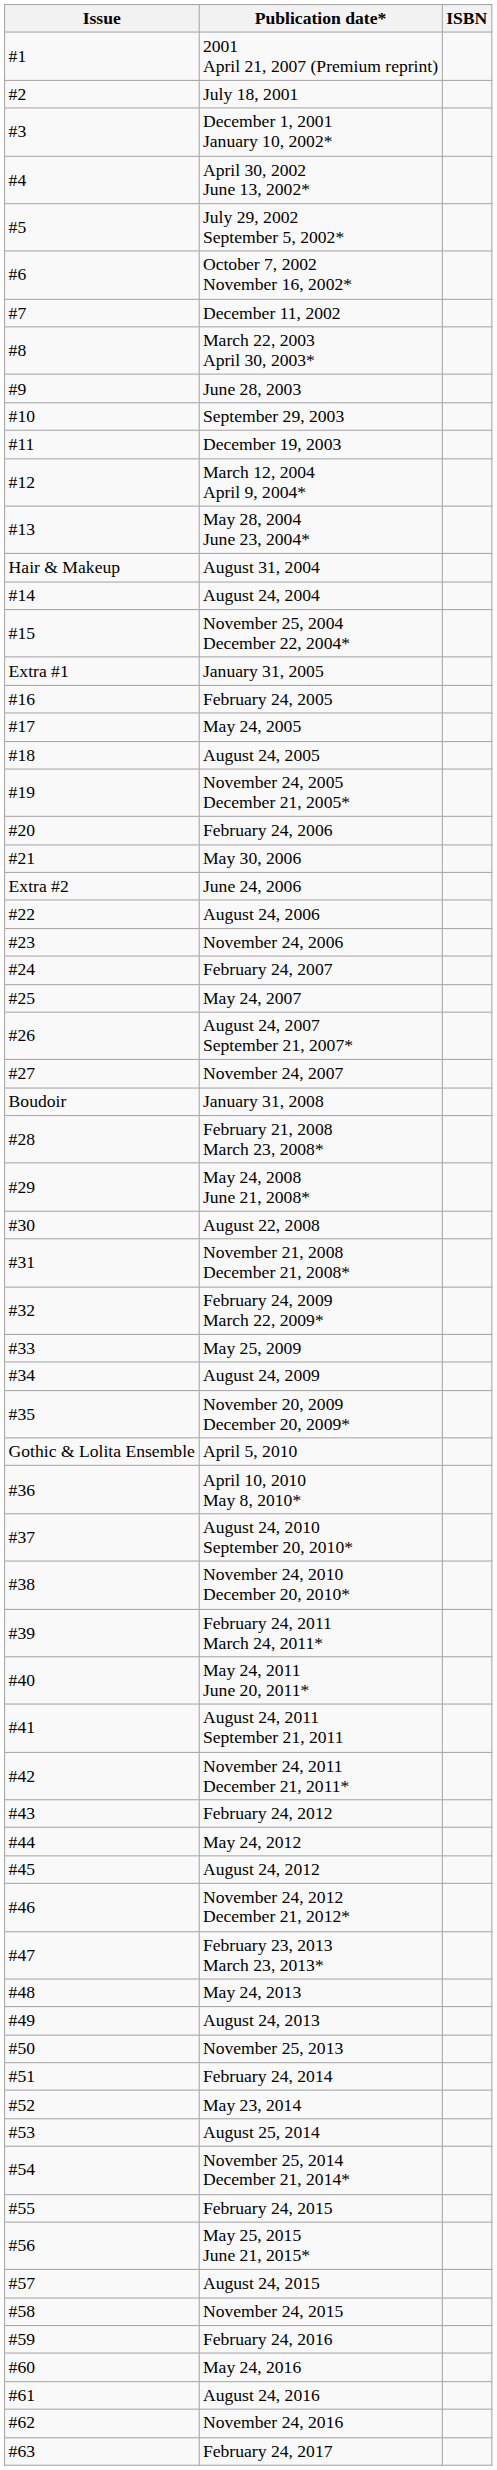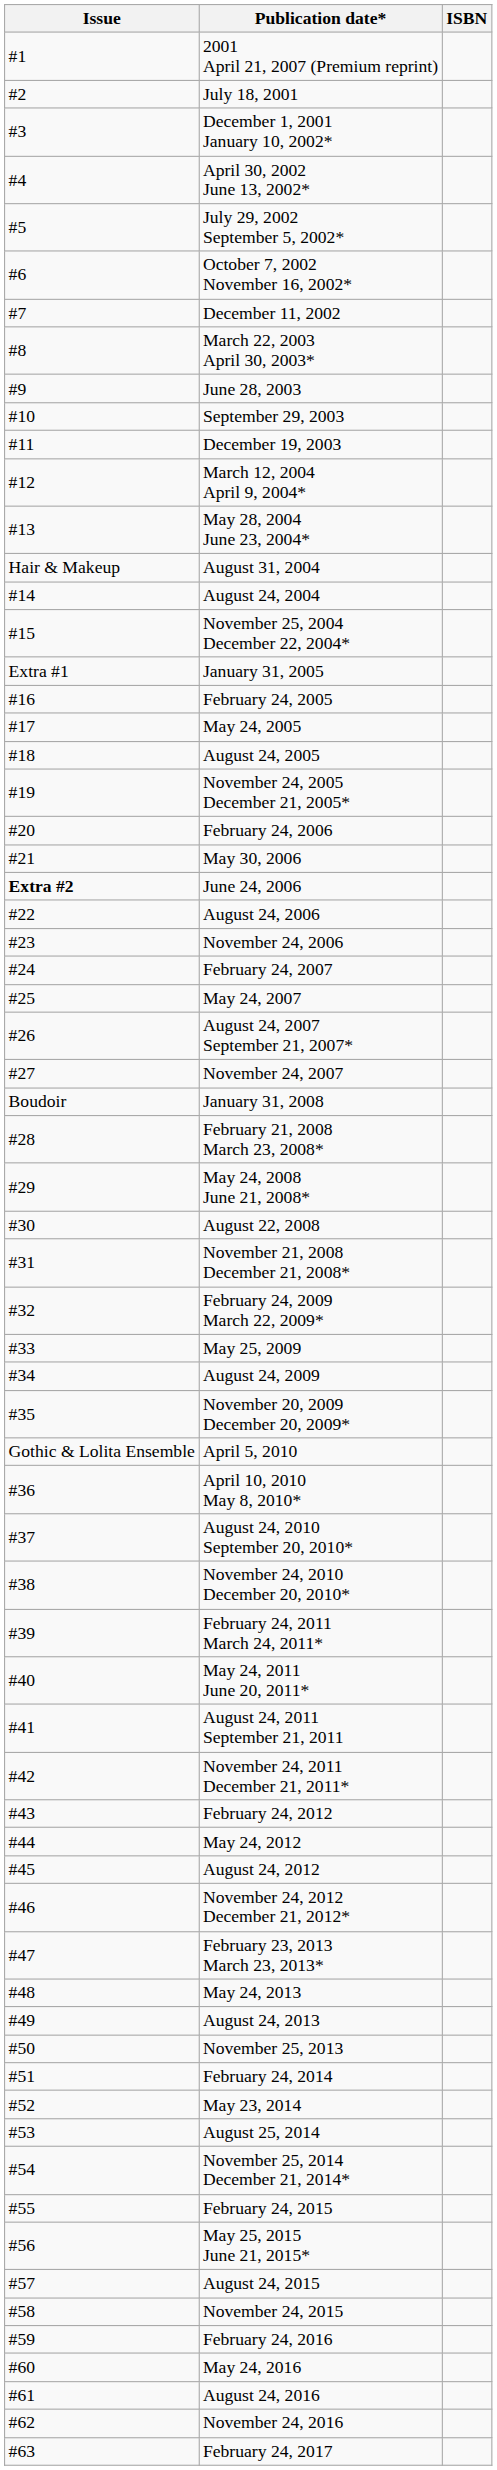 <table class="wikitable">
 <tr>
 <th>Issue</th>
 <th>Publication date*</th>
 <th>ISBN</th>
 </tr>
 <tr>
 <td>#1</td>
 <td>2001<br>April 21, 2007 (Premium reprint)</td>
 <td><br></td>
 </tr>
 <tr>
 <td>#2</td>
 <td>July 18, 2001</td>
 <td><br></td>
 </tr>
 <tr>
 <td>#3</td>
 <td>December 1, 2001<br>January 10, 2002*</td>
 <td><br></td>
 </tr>
 <tr>
 <td>#4</td>
 <td>April 30, 2002<br>June 13, 2002*</td>
 <td><br></td>
 </tr>
 <tr>
 <td>#5</td>
 <td>July 29, 2002<br>September 5, 2002*</td>
 <td><br></td>
 </tr>
 <tr>
 <td>#6</td>
 <td>October 7, 2002<br>November 16, 2002*</td>
 <td><br></td>
 </tr>
 <tr>
 <td>#7</td>
 <td>December 11, 2002</td>
 <td><br></td>
 </tr>
 <tr>
 <td>#8</td>
 <td>March 22, 2003<br>April 30, 2003*</td>
 <td><br></td>
 </tr>
 <tr>
 <td>#9</td>
 <td>June 28, 2003</td>
 <td><br></td>
 </tr>
 <tr>
 <td>#10</td>
 <td>September 29, 2003</td>
 <td><br></td>
 </tr>
 <tr>
 <td>#11</td>
 <td>December 19, 2003</td>
 <td><br></td>
 </tr>
 <tr>
 <td>#12</td>
 <td>March 12, 2004<br>April 9, 2004*</td>
 <td><br></td>
 </tr>
 <tr>
 <td>#13</td>
 <td>May 28, 2004<br>June 23, 2004*</td>
 <td><br></td>
 </tr>
 <tr>
 <td>Hair & Makeup</td>
 <td>August 31, 2004</td>
 <td><br></td>
 </tr>
 <tr>
 <td>#14</td>
 <td>August 24, 2004</td>
 <td><br></td>
 </tr>
 <tr>
 <td>#15</td>
 <td>November 25, 2004<br>December 22, 2004*</td>
 <td><br></td>
 </tr>
 <tr>
 <td>Extra #1</td>
 <td>January 31, 2005</td>
 <td><br></td>
 </tr>
 <tr>
 <td>#16</td>
 <td>February 24, 2005</td>
 <td><br></td>
 </tr>
 <tr>
 <td>#17</td>
 <td>May 24, 2005</td>
 <td><br></td>
 </tr>
 <tr>
 <td>#18</td>
 <td>August 24, 2005</td>
 <td><br></td>
 </tr>
 <tr>
 <td>#19</td>
 <td>November 24, 2005<br>December 21, 2005*</td>
 <td><br></td>
 </tr>
 <tr>
 <td>#20</td>
 <td>February 24, 2006</td>
 <td><br></td>
 </tr>
 <tr>
 <td>#21</td>
 <td>May 30, 2006</td>
 <td><br></td>
 </tr>
 <tr>
-<td>Extra #2</td>
+<td><strong>Extra #2</strong></td>
 <td>June 24, 2006</td>
 <td><br></td>
 </tr>
 <tr>
 <td>#22</td>
 <td>August 24, 2006</td>
 <td><br></td>
 </tr>
 <tr>
 <td>#23</td>
 <td>November 24, 2006</td>
 <td><br></td>
 </tr>
 <tr>
 <td>#24</td>
 <td>February 24, 2007</td>
 <td><br></td>
 </tr>
 <tr>
 <td>#25</td>
 <td>May 24, 2007</td>
 <td><br></td>
 </tr>
 <tr>
 <td>#26</td>
 <td>August 24, 2007<br>September 21, 2007*</td>
 <td><br></td>
 </tr>
 <tr>
 <td>#27</td>
 <td>November 24, 2007</td>
 <td><br></td>
 </tr>
 <tr>
 <td>Boudoir</td>
 <td>January 31, 2008</td>
 <td><br></td>
 </tr>
 <tr>
 <td>#28</td>
 <td>February 21, 2008<br>March 23, 2008*</td>
 <td><br></td>
 </tr>
 <tr>
 <td>#29</td>
 <td>May 24, 2008<br>June 21, 2008*</td>
 <td><br></td>
 </tr>
 <tr>
 <td>#30</td>
 <td>August 22, 2008</td>
 <td><br></td>
 </tr>
 <tr>
 <td>#31</td>
 <td>November 21, 2008<br>December 21, 2008*</td>
 <td><br></td>
 </tr>
 <tr>
 <td>#32</td>
 <td>February 24, 2009<br>March 22, 2009*</td>
 <td><br></td>
 </tr>
 <tr>
 <td>#33</td>
 <td>May 25, 2009</td>
 <td><br></td>
 </tr>
 <tr>
 <td>#34</td>
 <td>August 24, 2009</td>
 <td><br></td>
 </tr>
 <tr>
 <td>#35</td>
 <td>November 20, 2009<br>December 20, 2009*</td>
 <td><br></td>
 </tr>
 <tr>
 <td>Gothic & Lolita Ensemble</td>
 <td>April 5, 2010</td>
 <td><br></td>
 </tr>
 <tr>
 <td>#36</td>
 <td>April 10, 2010<br>May 8, 2010*</td>
 <td><br></td>
 </tr>
 <tr>
 <td>#37</td>
 <td>August 24, 2010<br>September 20, 2010*</td>
 <td><br></td>
 </tr>
 <tr>
 <td>#38</td>
 <td>November 24, 2010<br>December 20, 2010*</td>
 <td><br></td>
 </tr>
 <tr>
 <td>#39</td>
 <td>February 24, 2011<br>March 24, 2011*</td>
 <td><br></td>
 </tr>
 <tr>
 <td>#40</td>
 <td>May 24, 2011<br>June 20, 2011*</td>
 <td><br></td>
 </tr>
 <tr>
 <td>#41</td>
 <td>August 24, 2011<br>September 21, 2011</td>
 <td><br></td>
 </tr>
 <tr>
 <td>#42</td>
 <td>November 24, 2011<br>December 21, 2011*</td>
 <td><br></td>
 </tr>
 <tr>
 <td>#43</td>
 <td>February 24, 2012</td>
 <td><br></td>
 </tr>
 <tr>
 <td>#44</td>
 <td>May 24, 2012</td>
 <td><br></td>
 </tr>
 <tr>
 <td>#45</td>
 <td>August 24, 2012</td>
 <td><br></td>
 </tr>
 <tr>
 <td>#46</td>
 <td>November 24, 2012<br>December 21, 2012*</td>
 <td><br></td>
 </tr>
 <tr>
 <td>#47</td>
 <td>February 23, 2013<br>March 23, 2013*</td>
 <td><br></td>
 </tr>
 <tr>
 <td>#48</td>
 <td>May 24, 2013</td>
 <td><br></td>
 </tr>
 <tr>
 <td>#49</td>
 <td>August 24, 2013</td>
 <td><br></td>
 </tr>
 <tr>
 <td>#50</td>
 <td>November 25, 2013</td>
 <td><br></td>
 </tr>
 <tr>
 <td>#51</td>
 <td>February 24, 2014</td>
 <td><br></td>
 </tr>
 <tr>
 <td>#52</td>
 <td>May 23, 2014</td>
 <td><br></td>
 </tr>
 <tr>
 <td>#53</td>
 <td>August 25, 2014</td>
 <td><br></td>
 </tr>
 <tr>
 <td>#54</td>
 <td>November 25, 2014<br>December 21, 2014*</td>
 <td><br></td>
 </tr>
 <tr>
 <td>#55</td>
 <td>February 24, 2015</td>
 <td><br></td>
 </tr>
 <tr>
 <td>#56</td>
 <td>May 25, 2015<br>June 21, 2015*</td>
 <td><br></td>
 </tr>
 <tr>
 <td>#57</td>
 <td>August 24, 2015</td>
 <td><br></td>
 </tr>
 <tr>
 <td>#58</td>
 <td>November 24, 2015</td>
 <td><br></td>
 </tr>
 <tr>
 <td>#59</td>
 <td>February 24, 2016</td>
 <td><br></td>
 </tr>
 <tr>
 <td>#60</td>
 <td>May 24, 2016</td>
 <td><br></td>
 </tr>
 <tr>
 <td>#61</td>
 <td>August 24, 2016</td>
 <td><br></td>
 </tr>
 <tr>
 <td>#62</td>
 <td>November 24, 2016</td>
 <td><br></td>
 </tr>
 <tr>
 <td>#63</td>
 <td>February 24, 2017</td>
 <td><br></td>
 </tr>
 </table>
